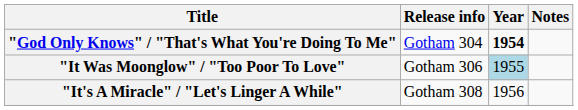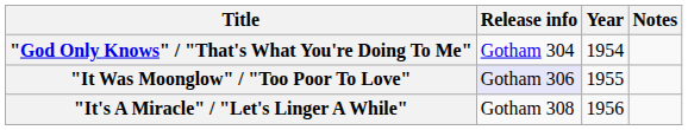 <table class="wikitable plainrowheaders sortable">
 <tr>
 <th scope="col">Title</th>
 <th scope="col">Release info</th>
 <th scope="col">Year</th>
 <th scope="col" class="unsortable">Notes</th>
 </tr>
 <tr>
 <th scope="row">"<a href='#'>God Only Knows</a>" / "That's What You're Doing To Me"</th>
 <td><a href='#'>Gotham</a> 304</td>
-<td><strong>1954</strong></td>
+<td>1954</td>
 <td></td>
 </tr>
 <tr>
 <th scope="row">"It Was Moonglow" / "Too Poor To Love"</th>
-<td>Gotham 306</td>
-<td style="background: lightblue;">1955</td>
+<td style="background: lavender;">Gotham 306</td>
+<td>1955</td>
 <td></td>
 </tr>
 <tr>
 <th scope="row">"It's A Miracle" / "Let's Linger A While"</th>
 <td>Gotham 308</td>
 <td>1956</td>
 <td></td>
 </tr>
 <tr>
 </tr>
 </table>
